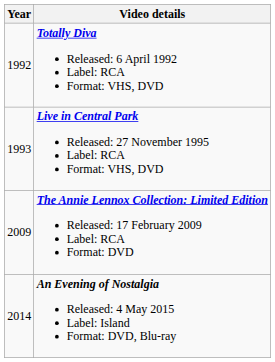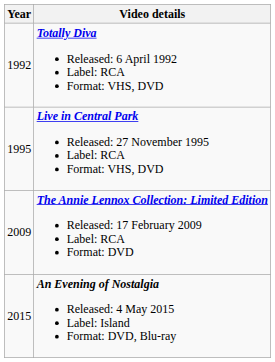 <table class="wikitable">
 <tr>
 <th>Year</th>
 <th>Video details</th>
 </tr>
 <tr>
 <td>1992</td>
 <td><strong><em><a href='#'>Totally Diva</a></em></strong><br><ul><li>Released: 6 April 1992</li><li>Label: RCA</li><li>Format: VHS, DVD</li></ul></td>
 </tr>
 <tr>
-<td>1993</td>
+<td>1995</td>
 <td><strong><em><a href='#'>Live in Central Park</a></em></strong><br><ul><li>Released: 27 November 1995</li><li>Label: RCA</li><li>Format: VHS, DVD</li></ul></td>
 </tr>
 <tr>
 <td>2009</td>
 <td><strong><em><a href='#'>The Annie Lennox Collection: Limited Edition</a></em></strong><br><ul><li>Released: 17 February 2009</li><li>Label: RCA</li><li>Format: DVD</li></ul></td>
 </tr>
 <tr>
-<td>2014</td>
+<td>2015</td>
 <td><strong><em>An Evening of Nostalgia</em></strong><br><ul><li>Released: 4 May 2015</li><li>Label: Island</li><li>Format: DVD, Blu-ray</li></ul></td>
 </tr>
 </table>
